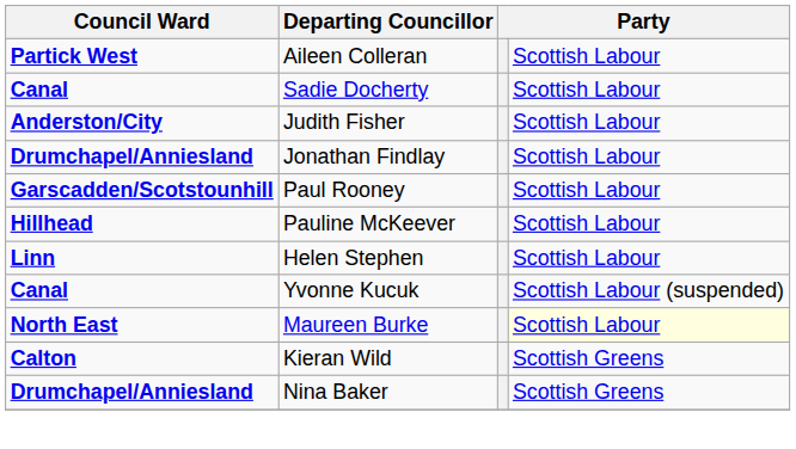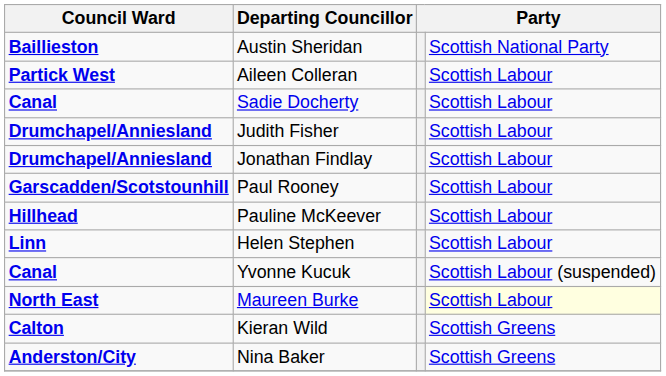 <table class="wikitable sortable">
 <tr>
 <th>Council Ward</th>
 <th>Departing Councillor</th>
 <th colspan="2">Party</th>
+</tr>
+<tr>
+<td><strong><a href='#'>Baillieston</a></strong></td>
+<td>Austin Sheridan</td>
+<th style="background-color: "></th>
+<td><a href='#'>Scottish National Party</a></td>
 </tr>
 <tr>
 <td><strong><a href='#'>Partick West</a></strong></td>
 <td>Aileen Colleran</td>
 <th style="background-color: "></th>
 <td><a href='#'>Scottish Labour</a></td>
 </tr>
 <tr>
 <td><strong><a href='#'>Canal</a></strong></td>
 <td><a href='#'>Sadie Docherty</a></td>
 <th style="background-color: "></th>
 <td><a href='#'>Scottish Labour</a></td>
 </tr>
 <tr>
-<td><strong><a href='#'>Anderston/City</a></strong></td>
+<td><strong><a href='#'>Drumchapel/Anniesland</a></strong></td>
 <td>Judith Fisher</td>
 <th style="background-color: "></th>
 <td><a href='#'>Scottish Labour</a></td>
 </tr>
 <tr>
 <td><strong><a href='#'>Drumchapel/Anniesland</a></strong></td>
 <td>Jonathan Findlay</td>
 <th style="background-color: "></th>
 <td><a href='#'>Scottish Labour</a></td>
 </tr>
 <tr>
 <td><strong><a href='#'>Garscadden/Scotstounhill</a></strong></td>
 <td>Paul Rooney</td>
 <th style="background-color: "></th>
 <td><a href='#'>Scottish Labour</a></td>
 </tr>
 <tr>
 <td><strong><a href='#'>Hillhead</a></strong></td>
 <td>Pauline McKeever</td>
 <th style="background-color: "></th>
 <td><a href='#'>Scottish Labour</a></td>
 </tr>
 <tr>
 <td><strong><a href='#'>Linn</a></strong></td>
 <td>Helen Stephen</td>
 <th style="background-color: "></th>
 <td><a href='#'>Scottish Labour</a></td>
 </tr>
 <tr>
 <td><strong><a href='#'>Canal</a></strong></td>
 <td>Yvonne Kucuk</td>
 <th style="background-color: "></th>
 <td><a href='#'>Scottish Labour</a> (suspended)</td>
 </tr>
 <tr>
 <td><strong><a href='#'>North East</a></strong></td>
 <td><a href='#'>Maureen Burke</a></td>
 <th style="background-color: "></th>
 <td style="background: lightyellow;"><a href='#'>Scottish Labour</a></td>
 </tr>
 <tr>
 <td><strong><a href='#'>Calton</a></strong></td>
 <td>Kieran Wild</td>
 <th style="background-color: "></th>
 <td><a href='#'>Scottish Greens</a></td>
 </tr>
 <tr>
-<td><strong><a href='#'>Drumchapel/Anniesland</a></strong></td>
+<td><strong><a href='#'>Anderston/City</a></strong></td>
 <td>Nina Baker</td>
 <th style="background-color: "></th>
 <td><a href='#'>Scottish Greens</a></td>
 </tr>
 <tr>
 </tr>
 </table>
